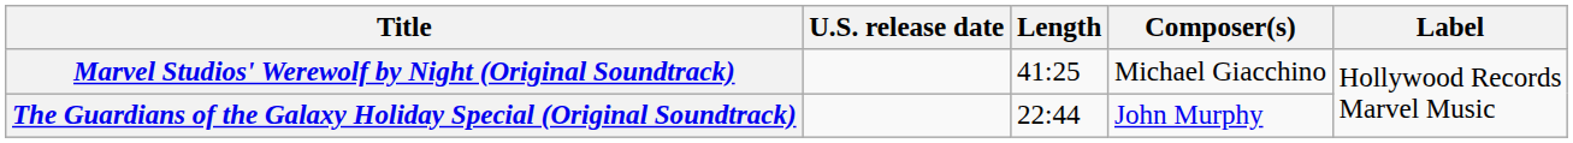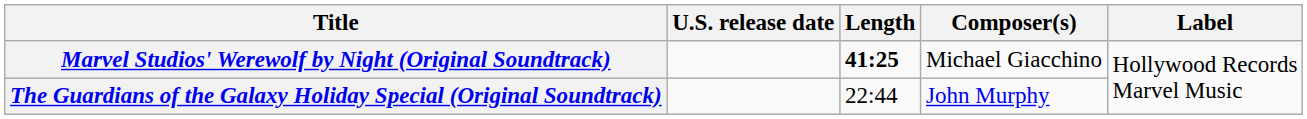 <table class="wikitable plainrowheaders col2left col3left defaultcenter">
 <tr>
 <th scope="col">Title</th>
 <th scope="col">U.S. release date</th>
 <th scope="col">Length</th>
 <th scope="col">Composer(s)</th>
 <th scope="col">Label</th>
 </tr>
 <tr>
 <th scope="row"><em><a href='#'>Marvel Studios' Werewolf by Night (Original Soundtrack)</a></em></th>
 <td></td>
-<td>41:25</td>
+<td><strong>41:25</strong></td>
 <td>Michael Giacchino</td>
 <td rowspan="2">Hollywood Records<br>Marvel Music</td>
 </tr>
 <tr>
 <th scope="row"><em><a href='#'>The Guardians of the Galaxy Holiday Special (Original Soundtrack)</a></em></th>
 <td></td>
 <td>22:44</td>
 <td><a href='#'>John Murphy</a></td>
 </tr>
 </table>
